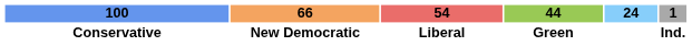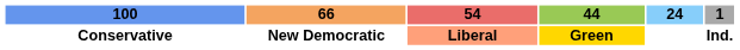 <table style="width:88%; text-align:center; font-weight: bold;">
 <tr style="color:black;">
 <td style="background:#6495ED; width:34.6%;">100</td>
 <td style="background:#F4A460; width:22.8%;">66</td>
 <td style="background:#EA6D6A; width:18.7%;">54</td>
 <td style="background:#99C955; width:15.2%;">44</td>
 <td style="background:#87CEFA; width:8.3%;">24</td>
 <td style="background:darkgray; width:0.3%;">1</td>
 </tr>
 <tr>
 <td>Conservative</td>
 <td>New Democratic</td>
-<td>Liberal</td>
-<td>Green</td>
+<td style="background: lightsalmon;">Liberal</td>
+<td style="background: gold;">Green</td>
 <td></td>
 <td>Ind.</td>
 </tr>
 </table>
